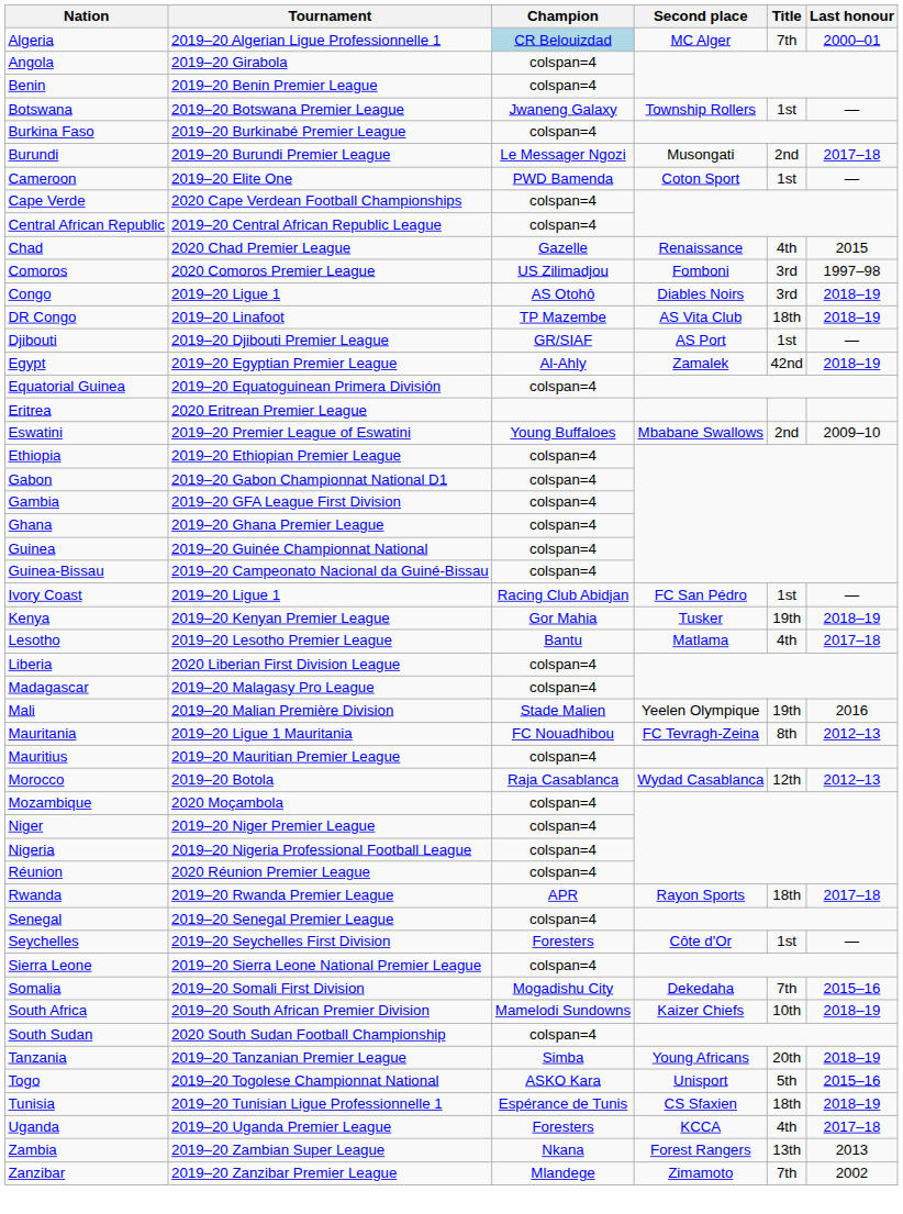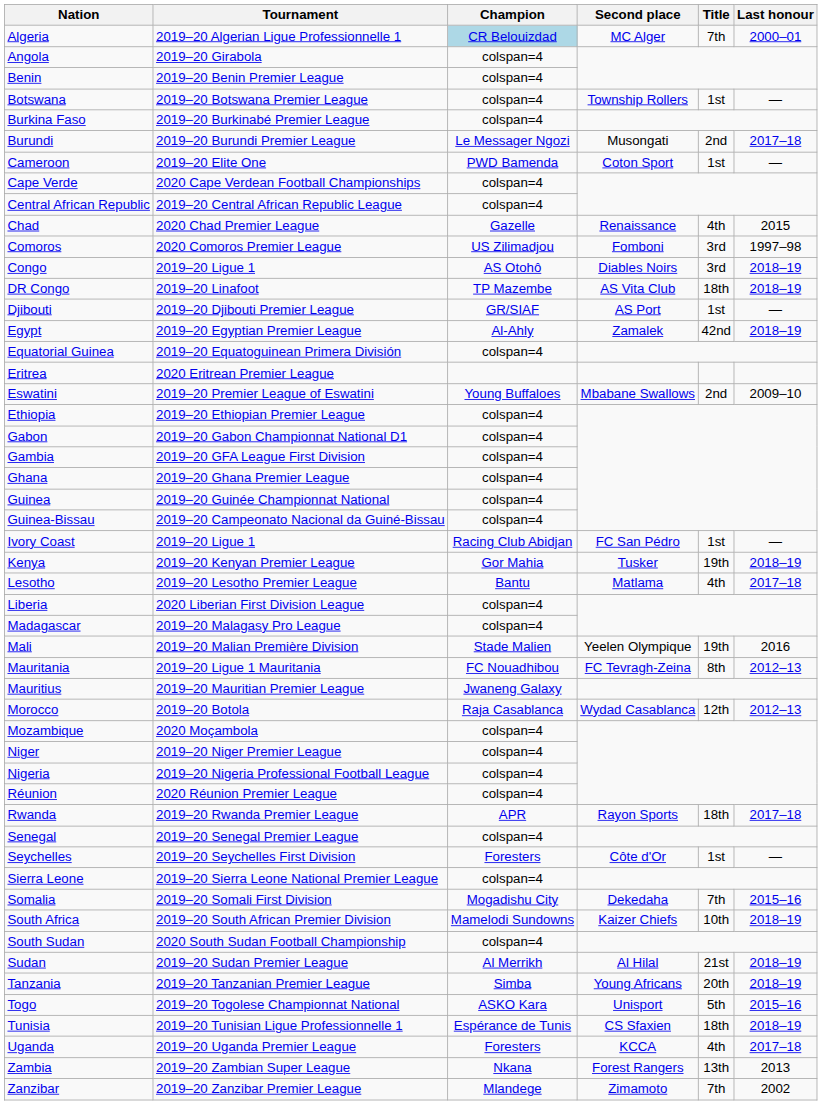 <table class="wikitable sortable" style="text-align:center;">
 <tr>
 <th>Nation</th>
 <th>Tournament</th>
 <th>Champion</th>
 <th>Second place</th>
 <th data-sort-type="number">Title</th>
 <th>Last honour</th>
 </tr>
 <tr>
 <td align=left> <a href='#'>Algeria</a></td>
 <td align=left><a href='#'>2019–20 Algerian Ligue Professionnelle 1</a></td>
 <td style="background: lightblue;"><a href='#'>CR Belouizdad</a></td>
 <td><a href='#'>MC Alger</a></td>
 <td>7th</td>
 <td><a href='#'>2000–01</a></td>
 </tr>
 <tr>
 <td align=left> <a href='#'>Angola</a></td>
 <td align=left><a href='#'>2019–20 Girabola</a></td>
 <td>colspan=4 </td>
 </tr>
 <tr>
 <td align=left> <a href='#'>Benin</a></td>
 <td align=left><a href='#'>2019–20 Benin Premier League</a></td>
 <td>colspan=4 </td>
 </tr>
 <tr>
 <td align=left> <a href='#'>Botswana</a></td>
 <td align=left><a href='#'>2019–20 Botswana Premier League</a></td>
-<td><a href='#'>Jwaneng Galaxy</a></td>
+<td>colspan=4 </td>
 <td><a href='#'>Township Rollers</a></td>
 <td>1st</td>
 <td>—</td>
 </tr>
 <tr>
 <td align=left> <a href='#'>Burkina Faso</a></td>
 <td align=left><a href='#'>2019–20 Burkinabé Premier League</a></td>
 <td>colspan=4 </td>
 </tr>
 <tr>
 <td align=left> <a href='#'>Burundi</a></td>
 <td align=left><a href='#'>2019–20 Burundi Premier League</a></td>
 <td><a href='#'>Le Messager Ngozi</a></td>
 <td>Musongati</td>
 <td>2nd</td>
 <td><a href='#'>2017–18</a></td>
 </tr>
 <tr>
 <td align=left> <a href='#'>Cameroon</a></td>
 <td align=left><a href='#'>2019–20 Elite One</a></td>
 <td><a href='#'>PWD Bamenda</a></td>
 <td><a href='#'>Coton Sport</a></td>
 <td>1st</td>
 <td>—</td>
 </tr>
 <tr>
 <td align=left> <a href='#'>Cape Verde</a></td>
 <td align=left><a href='#'>2020 Cape Verdean Football Championships</a></td>
 <td>colspan=4 </td>
 </tr>
 <tr>
 <td align=left> <a href='#'>Central African Republic</a></td>
 <td align=left><a href='#'>2019–20 Central African Republic League</a></td>
 <td>colspan=4 </td>
 </tr>
 <tr>
 <td align=left> <a href='#'>Chad</a></td>
 <td align=left><a href='#'>2020 Chad Premier League</a></td>
 <td><a href='#'>Gazelle</a></td>
 <td><a href='#'>Renaissance</a></td>
 <td>4th</td>
 <td>2015</td>
 </tr>
 <tr>
 <td align=left> <a href='#'>Comoros</a></td>
 <td align=left><a href='#'>2020 Comoros Premier League</a></td>
 <td><a href='#'>US Zilimadjou</a></td>
 <td><a href='#'>Fomboni</a></td>
 <td>3rd</td>
 <td>1997–98</td>
 </tr>
 <tr>
 <td align=left> <a href='#'>Congo</a></td>
 <td align=left><a href='#'>2019–20 Ligue 1</a></td>
 <td><a href='#'>AS Otohô</a></td>
 <td><a href='#'>Diables Noirs</a></td>
 <td>3rd</td>
 <td><a href='#'>2018–19</a></td>
 </tr>
 <tr>
 <td align=left> <a href='#'>DR Congo</a></td>
 <td align=left><a href='#'>2019–20 Linafoot</a></td>
 <td><a href='#'>TP Mazembe</a></td>
 <td><a href='#'>AS Vita Club</a></td>
 <td>18th</td>
 <td><a href='#'>2018–19</a></td>
 </tr>
 <tr>
 <td align=left> <a href='#'>Djibouti</a></td>
 <td align=left><a href='#'>2019–20 Djibouti Premier League</a></td>
 <td><a href='#'>GR/SIAF</a></td>
 <td><a href='#'>AS Port</a></td>
 <td>1st</td>
 <td>—</td>
 </tr>
 <tr>
 <td align=left> <a href='#'>Egypt</a></td>
 <td align=left><a href='#'>2019–20 Egyptian Premier League</a></td>
 <td><a href='#'>Al-Ahly</a></td>
 <td><a href='#'>Zamalek</a></td>
 <td>42nd</td>
 <td><a href='#'>2018–19</a></td>
 </tr>
 <tr>
 <td align=left> <a href='#'>Equatorial Guinea</a></td>
 <td align=left><a href='#'>2019–20 Equatoguinean Primera División</a></td>
 <td>colspan=4 </td>
 </tr>
 <tr>
 <td align=left> <a href='#'>Eritrea</a></td>
 <td align=left><a href='#'>2020 Eritrean Premier League</a></td>
 <td></td>
 <td></td>
 <td></td>
 <td></td>
 </tr>
 <tr>
 <td align=left> <a href='#'>Eswatini</a></td>
 <td align=left><a href='#'>2019–20 Premier League of Eswatini</a></td>
 <td><a href='#'>Young Buffaloes</a></td>
 <td><a href='#'>Mbabane Swallows</a></td>
 <td>2nd</td>
 <td>2009–10</td>
 </tr>
 <tr>
 <td align=left> <a href='#'>Ethiopia</a></td>
 <td align=left><a href='#'>2019–20 Ethiopian Premier League</a></td>
 <td>colspan=4 </td>
 </tr>
 <tr>
 <td align=left> <a href='#'>Gabon</a></td>
 <td align=left><a href='#'>2019–20 Gabon Championnat National D1</a></td>
 <td>colspan=4 </td>
 </tr>
 <tr>
 <td align=left> <a href='#'>Gambia</a></td>
 <td align=left><a href='#'>2019–20 GFA League First Division</a></td>
 <td>colspan=4 </td>
 </tr>
 <tr>
 <td align=left> <a href='#'>Ghana</a></td>
 <td align=left><a href='#'>2019–20 Ghana Premier League</a></td>
 <td>colspan=4 </td>
 </tr>
 <tr>
 <td align=left> <a href='#'>Guinea</a></td>
 <td align=left><a href='#'>2019–20 Guinée Championnat National</a></td>
 <td>colspan=4 </td>
 </tr>
 <tr>
 <td align=left> <a href='#'>Guinea-Bissau</a></td>
 <td align=left><a href='#'>2019–20 Campeonato Nacional da Guiné-Bissau</a></td>
 <td>colspan=4 </td>
 </tr>
 <tr>
 <td align=left> <a href='#'>Ivory Coast</a></td>
 <td align=left><a href='#'>2019–20 Ligue 1</a></td>
 <td><a href='#'>Racing Club Abidjan</a></td>
 <td><a href='#'>FC San Pédro</a></td>
 <td>1st</td>
 <td>—</td>
 </tr>
 <tr>
 <td align=left> <a href='#'>Kenya</a></td>
 <td align=left><a href='#'>2019–20 Kenyan Premier League</a></td>
 <td><a href='#'>Gor Mahia</a></td>
 <td><a href='#'>Tusker</a></td>
 <td>19th</td>
 <td><a href='#'>2018–19</a></td>
 </tr>
 <tr>
 <td align=left> <a href='#'>Lesotho</a></td>
 <td align=left><a href='#'>2019–20 Lesotho Premier League</a></td>
 <td><a href='#'>Bantu</a></td>
 <td><a href='#'>Matlama</a></td>
 <td>4th</td>
 <td><a href='#'>2017–18</a></td>
 </tr>
 <tr>
 <td align=left> <a href='#'>Liberia</a></td>
 <td align=left><a href='#'>2020 Liberian First Division League</a></td>
 <td>colspan=4 </td>
 </tr>
 <tr>
 <td align=left> <a href='#'>Madagascar</a></td>
 <td align=left><a href='#'>2019–20 Malagasy Pro League</a></td>
 <td>colspan=4 </td>
 </tr>
 <tr>
 <td align=left> <a href='#'>Mali</a></td>
 <td align=left><a href='#'>2019–20 Malian Première Division</a></td>
 <td><a href='#'>Stade Malien</a></td>
 <td>Yeelen Olympique</td>
 <td>19th</td>
 <td>2016</td>
 </tr>
 <tr>
 <td align=left> <a href='#'>Mauritania</a></td>
 <td align=left><a href='#'>2019–20 Ligue 1 Mauritania</a></td>
 <td><a href='#'>FC Nouadhibou</a></td>
 <td><a href='#'>FC Tevragh-Zeina</a></td>
 <td>8th</td>
 <td><a href='#'>2012–13</a></td>
 </tr>
 <tr>
 <td align=left> <a href='#'>Mauritius</a></td>
 <td align=left><a href='#'>2019–20 Mauritian Premier League</a></td>
-<td>colspan=4 </td>
+<td><a href='#'>Jwaneng Galaxy</a></td>
 </tr>
 <tr>
 <td align=left> <a href='#'>Morocco</a></td>
 <td align=left><a href='#'>2019–20 Botola</a></td>
 <td><a href='#'>Raja Casablanca</a></td>
 <td><a href='#'>Wydad Casablanca</a></td>
 <td>12th</td>
 <td><a href='#'>2012–13</a></td>
 </tr>
 <tr>
 <td align=left> <a href='#'>Mozambique</a></td>
 <td align=left><a href='#'>2020 Moçambola</a></td>
 <td>colspan=4 </td>
 </tr>
 <tr>
 <td align=left> <a href='#'>Niger</a></td>
 <td align=left><a href='#'>2019–20 Niger Premier League</a></td>
 <td>colspan=4 </td>
 </tr>
 <tr>
 <td align=left> <a href='#'>Nigeria</a></td>
 <td align=left><a href='#'>2019–20 Nigeria Professional Football League</a></td>
 <td>colspan=4 </td>
 </tr>
 <tr>
 <td align=left> <a href='#'>Réunion</a></td>
 <td align=left><a href='#'>2020 Réunion Premier League</a></td>
 <td>colspan=4 </td>
 </tr>
 <tr>
 <td align=left> <a href='#'>Rwanda</a></td>
 <td align=left><a href='#'>2019–20 Rwanda Premier League</a></td>
 <td><a href='#'>APR</a></td>
 <td><a href='#'>Rayon Sports</a></td>
 <td>18th</td>
 <td><a href='#'>2017–18</a></td>
 </tr>
 <tr>
 <td align=left> <a href='#'>Senegal</a></td>
 <td align=left><a href='#'>2019–20 Senegal Premier League</a></td>
 <td>colspan=4 </td>
 </tr>
 <tr>
 <td align=left> <a href='#'>Seychelles</a></td>
 <td align=left><a href='#'>2019–20 Seychelles First Division</a></td>
 <td><a href='#'>Foresters</a></td>
 <td><a href='#'>Côte d'Or</a></td>
 <td>1st</td>
 <td>—</td>
 </tr>
 <tr>
 <td align=left> <a href='#'>Sierra Leone</a></td>
 <td align=left><a href='#'>2019–20 Sierra Leone National Premier League</a></td>
 <td>colspan=4 </td>
 </tr>
 <tr>
 <td align=left> <a href='#'>Somalia</a></td>
 <td align=left><a href='#'>2019–20 Somali First Division</a></td>
 <td><a href='#'>Mogadishu City</a></td>
 <td><a href='#'>Dekedaha</a></td>
 <td>7th</td>
 <td><a href='#'>2015–16</a></td>
 </tr>
 <tr>
 <td align=left> <a href='#'>South Africa</a></td>
 <td align=left><a href='#'>2019–20 South African Premier Division</a></td>
 <td><a href='#'>Mamelodi Sundowns</a></td>
 <td><a href='#'>Kaizer Chiefs</a></td>
 <td>10th</td>
 <td><a href='#'>2018–19</a></td>
 </tr>
 <tr>
 <td align=left> <a href='#'>South Sudan</a></td>
 <td align=left><a href='#'>2020 South Sudan Football Championship</a></td>
 <td>colspan=4 </td>
 </tr>
 <tr>
+<td align=left> <a href='#'>Sudan</a></td>
+<td align=left><a href='#'>2019–20 Sudan Premier League</a></td>
+<td><a href='#'>Al Merrikh</a></td>
+<td><a href='#'>Al Hilal</a></td>
+<td>21st</td>
+<td><a href='#'>2018–19</a></td>
+</tr>
+<tr>
 <td align=left> <a href='#'>Tanzania</a></td>
 <td align=left><a href='#'>2019–20 Tanzanian Premier League</a></td>
 <td><a href='#'>Simba</a></td>
 <td><a href='#'>Young Africans</a></td>
 <td>20th</td>
 <td><a href='#'>2018–19</a></td>
 </tr>
 <tr>
 <td align=left> <a href='#'>Togo</a></td>
 <td align=left><a href='#'>2019–20 Togolese Championnat National</a></td>
 <td><a href='#'>ASKO Kara</a></td>
 <td><a href='#'>Unisport</a></td>
 <td>5th</td>
 <td><a href='#'>2015–16</a></td>
 </tr>
 <tr>
 <td align=left> <a href='#'>Tunisia</a></td>
 <td align=left><a href='#'>2019–20 Tunisian Ligue Professionnelle 1</a></td>
 <td><a href='#'>Espérance de Tunis</a></td>
 <td><a href='#'>CS Sfaxien</a></td>
 <td>18th</td>
 <td><a href='#'>2018–19</a></td>
 </tr>
 <tr>
 <td align=left> <a href='#'>Uganda</a></td>
 <td align=left><a href='#'>2019–20 Uganda Premier League</a></td>
 <td><a href='#'>Foresters</a></td>
 <td><a href='#'>KCCA</a></td>
 <td>4th</td>
 <td><a href='#'>2017–18</a></td>
 </tr>
 <tr>
 <td align=left> <a href='#'>Zambia</a></td>
 <td align=left><a href='#'>2019–20 Zambian Super League</a></td>
 <td><a href='#'>Nkana</a></td>
 <td><a href='#'>Forest Rangers</a></td>
 <td>13th</td>
 <td>2013</td>
 </tr>
 <tr>
 <td align=left> <a href='#'>Zanzibar</a></td>
 <td align=left><a href='#'>2019–20 Zanzibar Premier League</a></td>
 <td><a href='#'>Mlandege</a></td>
 <td><a href='#'>Zimamoto</a></td>
 <td>7th</td>
 <td>2002</td>
 </tr>
 </table>
